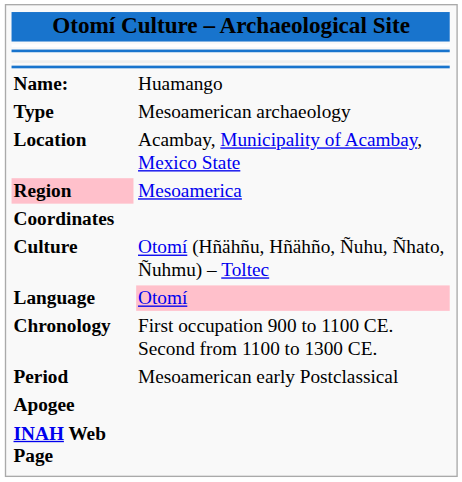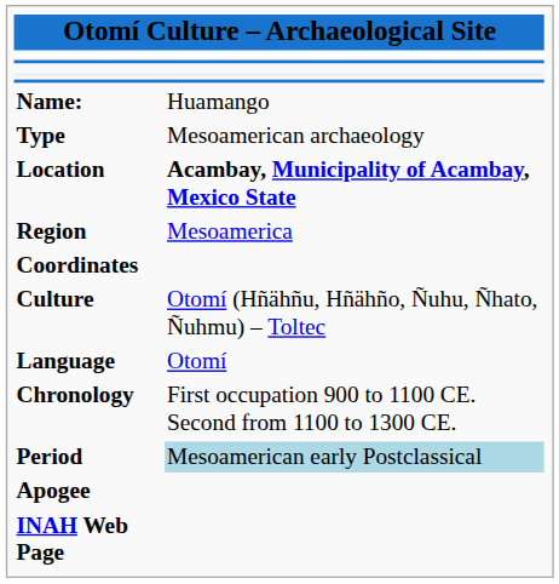 <table class="infobox" style="font-size:90%; text-align:left; width:23.5em">
 <tr>
 <td colspan="3" bgcolor=#1874CD style="text-align: center; font-size: larger;"><span><strong> Otomí Culture – Archaeological Site</strong></span></td>
 </tr>
 <tr style="vertical-align: top; text-align: center;">
 <td colspan=3 bgcolor="#FFFFFF" align="center"></td>
 </tr>
 <tr>
 <td colspan="2" bgcolor=#1874CD></td>
 </tr>
 <tr>
 <td colspan=2></td>
 </tr>
 <tr>
 <td style="background:#efefef;"align="center" colspan="2"></td>
 </tr>
 <tr>
 <td colspan="2" bgcolor=#1874CD></td>
 </tr>
 <tr>
 <td><strong>Name:</strong></td>
 <td><span> Huamango</span></td>
 </tr>
 <tr>
 <td><strong>Type</strong></td>
 <td>Mesoamerican archaeology</td>
 </tr>
 <tr>
 <td><strong>Location</strong></td>
-<td>Acambay, <a href='#'>Municipality of Acambay</a>, <a href='#'>Mexico State</a> <br></td>
+<td><strong>Acambay, <a href='#'>Municipality of Acambay</a>, <a href='#'>Mexico State</a> <br></strong></td>
 </tr>
 <tr>
-<td style="background: pink;"><strong>Region</strong></td>
+<td><strong>Region</strong></td>
 <td><a href='#'>Mesoamerica</a></td>
 </tr>
 <tr>
 <td><strong>Coordinates</strong></td>
 <td></td>
 </tr>
 <tr>
 <td><strong>Culture</strong></td>
 <td><a href='#'>Otomí</a> (Hñähñu, Hñähño, Ñuhu, Ñhato, Ñuhmu) – <a href='#'>Toltec</a></td>
 </tr>
 <tr>
 <td><strong>Language</strong></td>
-<td style="background: pink;"><a href='#'>Otomí</a></td>
+<td><a href='#'>Otomí</a></td>
 </tr>
 <tr>
 <td><strong>Chronology</strong></td>
 <td>First occupation 900 to 1100 CE. Second from 1100 to 1300 CE.</td>
 </tr>
 <tr>
 <td><strong>Period</strong></td>
-<td>Mesoamerican early Postclassical</td>
+<td style="background: lightblue;">Mesoamerican early Postclassical</td>
 </tr>
 <tr>
 <td><strong>Apogee</strong></td>
 <td></td>
 </tr>
 <tr>
 <td><strong><a href='#'>INAH</a> Web Page</strong></td>
 <td></td>
 </tr>
 </table>
